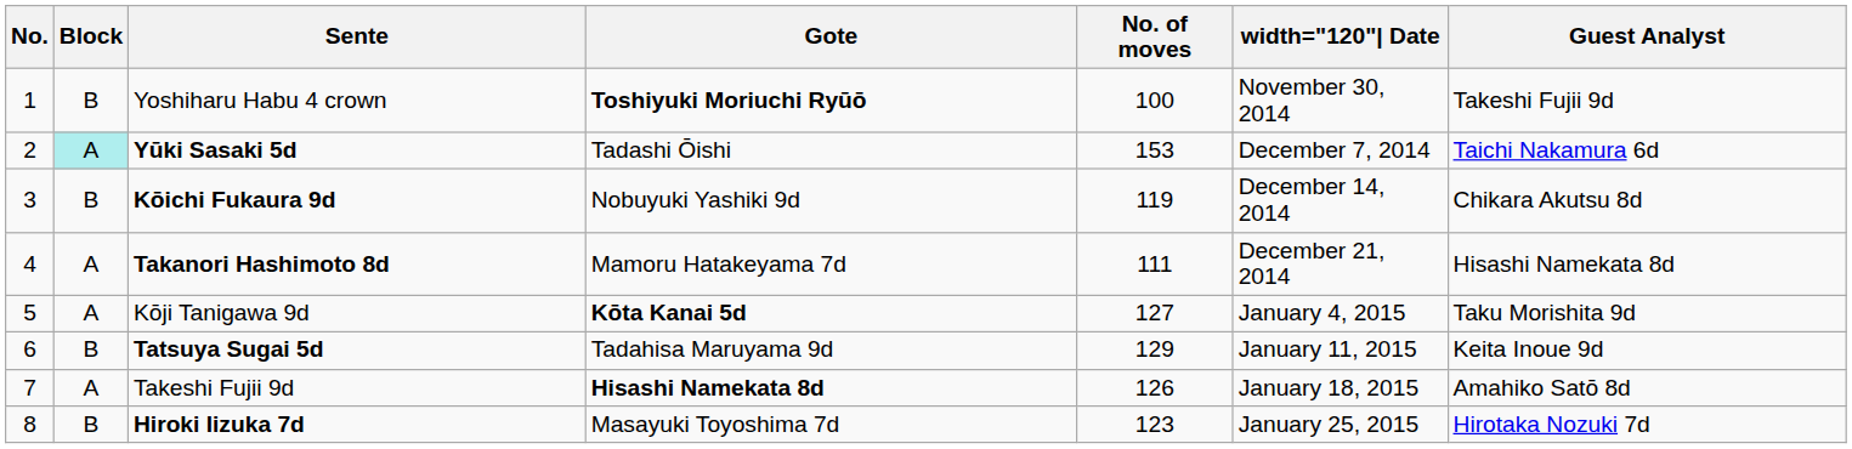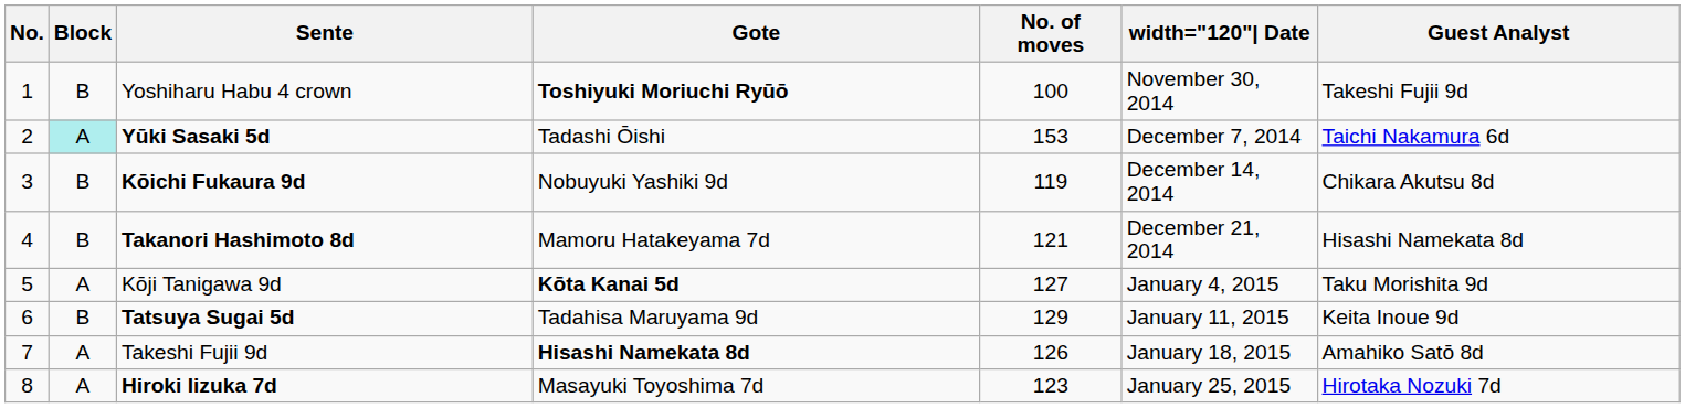 <table class="wikitable" style="width:100%">
 <tr>
 <th width="20">No.</th>
 <th width="20">Block</th>
 <th>Sente</th>
 <th>Gote</th>
 <th width="100">No. of moves</th>
 <th width="140">width="120"| Date</th>
 <th>Guest Analyst</th>
 </tr>
 <tr>
 <td align="center">1</td>
 <td align="center">B</td>
 <td>Yoshiharu Habu 4 crown</td>
 <td><strong>Toshiyuki Moriuchi Ryūō</strong></td>
 <td align="center">100</td>
 <td>November 30, 2014</td>
 <td>Takeshi Fujii 9d</td>
 </tr>
 <tr>
 <td align="center">2</td>
 <td align="center" style="background: paleturquoise;">A</td>
 <td><strong>Yūki Sasaki 5d</strong></td>
 <td>Tadashi Ōishi</td>
 <td align="center">153</td>
 <td>December 7, 2014</td>
 <td><a href='#'>Taichi Nakamura</a> 6d</td>
 </tr>
 <tr>
 <td align="center">3</td>
 <td align="center">B</td>
 <td><strong>Kōichi Fukaura 9d</strong></td>
 <td>Nobuyuki Yashiki 9d</td>
 <td align="center">119</td>
 <td>December 14, 2014</td>
 <td>Chikara Akutsu 8d</td>
 </tr>
 <tr>
 <td align="center">4</td>
-<td align="center">A</td>
+<td align="center">B</td>
 <td><strong>Takanori Hashimoto 8d</strong></td>
 <td>Mamoru Hatakeyama 7d</td>
-<td align="center">111</td>
+<td align="center">121</td>
 <td>December 21, 2014</td>
 <td>Hisashi Namekata 8d</td>
 </tr>
 <tr>
 <td align="center">5</td>
 <td align="center">A</td>
 <td>Kōji Tanigawa 9d</td>
 <td><strong>Kōta Kanai 5d</strong></td>
 <td align="center">127</td>
 <td>January 4, 2015</td>
 <td>Taku Morishita 9d</td>
 </tr>
 <tr>
 <td align="center">6</td>
 <td align="center">B</td>
 <td><strong>Tatsuya Sugai 5d</strong></td>
 <td>Tadahisa Maruyama 9d</td>
 <td align="center">129</td>
 <td>January 11, 2015</td>
 <td>Keita Inoue 9d</td>
 </tr>
 <tr>
 <td align="center">7</td>
 <td align="center">A</td>
 <td>Takeshi Fujii 9d</td>
 <td><strong>Hisashi Namekata 8d</strong></td>
 <td align="center">126</td>
 <td>January 18, 2015</td>
 <td>Amahiko Satō 8d </td>
 </tr>
 <tr>
 <td align="center">8</td>
-<td align="center">B</td>
+<td align="center">A</td>
 <td><strong>Hiroki Iizuka 7d</strong></td>
 <td>Masayuki Toyoshima 7d</td>
 <td align="center">123</td>
 <td>January 25, 2015</td>
 <td><a href='#'>Hirotaka Nozuki</a> 7d</td>
 </tr>
 </table>
